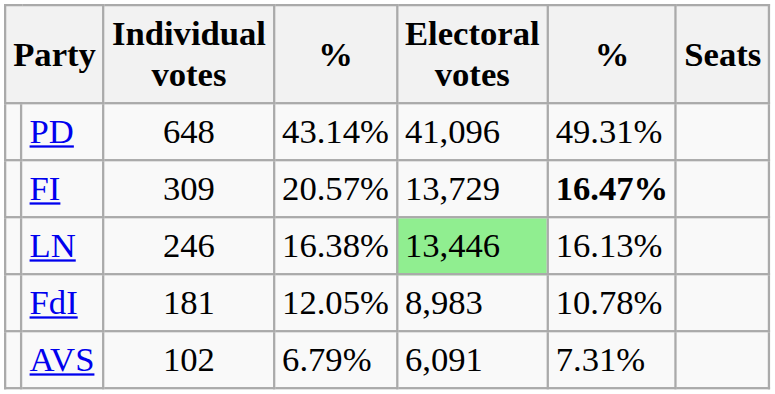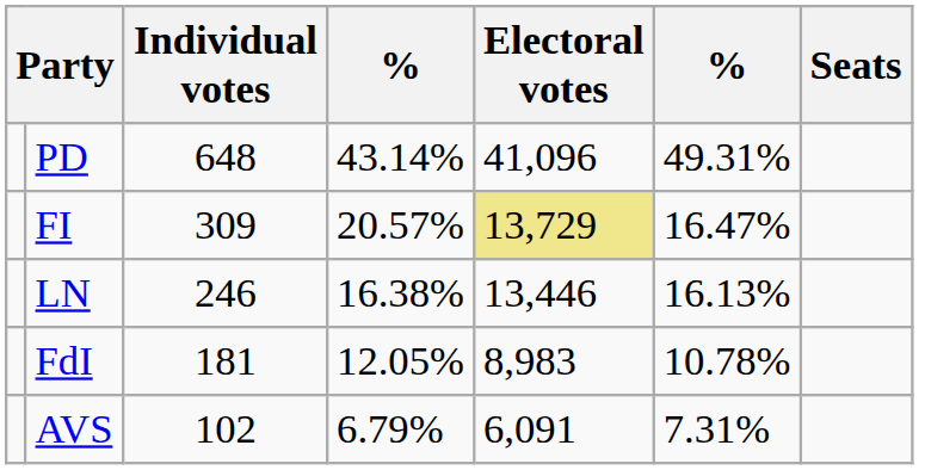 <table class="wikitable" style="font-size:95%">
 <tr>
 <th colspan="2">Party</th>
 <th>Individual<br>votes</th>
 <th>%</th>
 <th>Electoral<br>votes</th>
 <th>%</th>
 <th>Seats</th>
 </tr>
 <tr>
 <td style="background-color:"></td>
 <td align="left"><a href='#'>PD</a></td>
 <td align=center>648</td>
 <td>43.14%</td>
 <td>41,096</td>
 <td>49.31%</td>
 <td align="left"></td>
 </tr>
 <tr>
 <td style="background-color:"></td>
 <td align="left"><a href='#'>FI</a></td>
 <td align=Center>309</td>
 <td>20.57%</td>
-<td>13,729</td>
-<td><strong>16.47%</strong></td>
+<td style="background: khaki;">13,729</td>
+<td>16.47%</td>
 <td align="left"></td>
 </tr>
 <tr>
 <td style="background-color:"></td>
 <td align="left"><a href='#'>LN</a></td>
 <td align=center>246</td>
 <td>16.38%</td>
-<td style="background: lightgreen;">13,446</td>
+<td>13,446</td>
 <td>16.13%</td>
 <td align="left"></td>
 </tr>
 <tr>
 <td style="background-color:"></td>
 <td align="left"><a href='#'>FdI</a></td>
 <td align=center>181</td>
 <td>12.05%</td>
 <td>8,983</td>
 <td>10.78%</td>
 <td align="left"></td>
 </tr>
 <tr>
 <td style="background-color:"></td>
 <td align="left"><a href='#'>AVS</a></td>
 <td align=center>102</td>
 <td>6.79%</td>
 <td>6,091</td>
 <td>7.31%</td>
 <td align="left"></td>
 </tr>
 </table>
